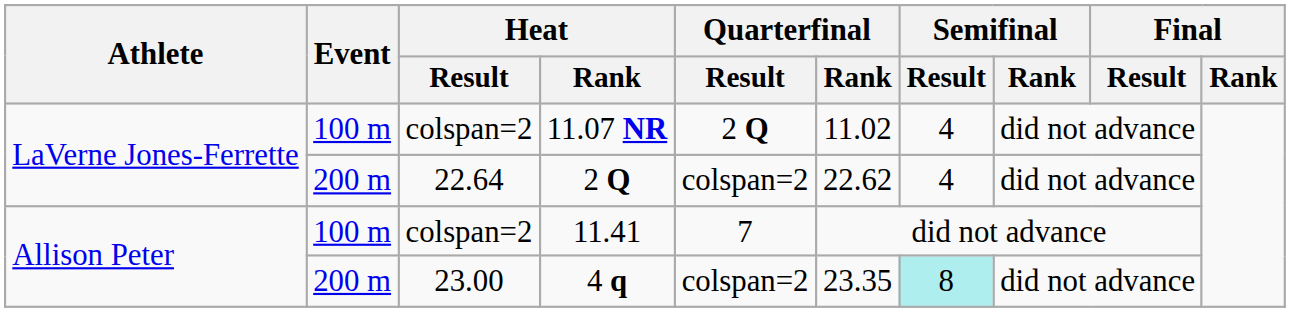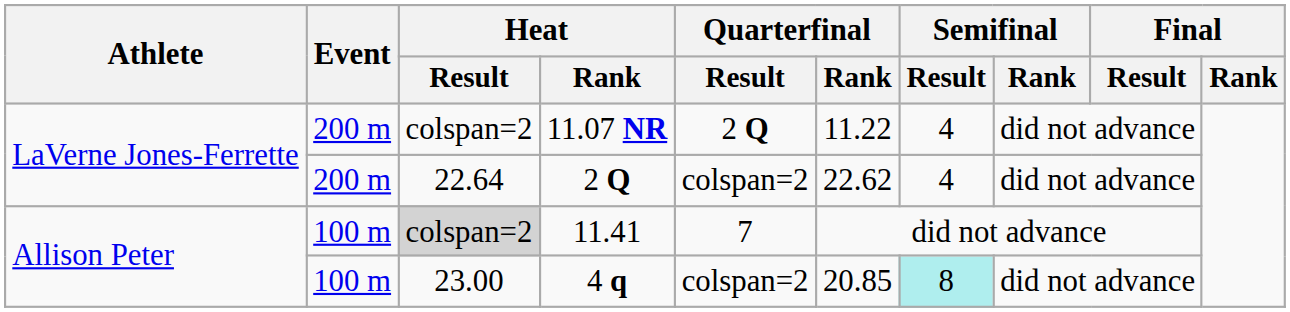 <table class="wikitable" style="font-size:90%">
 <tr>
 <th rowspan="2">Athlete</th>
 <th rowspan="2">Event</th>
 <th colspan="2">Heat</th>
 <th colspan="2">Quarterfinal</th>
 <th colspan="2">Semifinal</th>
 <th colspan="2">Final</th>
 </tr>
 <tr style="font-size:95%">
 <th>Result</th>
 <th>Rank</th>
 <th>Result</th>
 <th>Rank</th>
 <th>Result</th>
 <th>Rank</th>
 <th>Result</th>
 <th>Rank</th>
 </tr>
 <tr align=center>
 <td align=left rowspan=2><a href='#'>LaVerne Jones-Ferrette</a></td>
-<td align=left><a href='#'>100 m</a></td>
+<td align=left><a href='#'>200 m</a></td>
 <td>colspan=2 </td>
 <td>11.07 <strong><a href='#'>NR</a></strong></td>
 <td>2 <strong>Q</strong></td>
-<td>11.02</td>
+<td>11.22</td>
 <td>4</td>
 <td colspan=2>did not advance</td>
 </tr>
 <tr align=center>
 <td align=left><a href='#'>200 m</a></td>
 <td>22.64</td>
 <td>2 <strong>Q</strong></td>
 <td>colspan=2 </td>
 <td>22.62</td>
 <td>4</td>
 <td colspan=2>did not advance</td>
 </tr>
 <tr align=center>
 <td align=left rowspan=2><a href='#'>Allison Peter</a></td>
 <td align=left><a href='#'>100 m</a></td>
-<td>colspan=2 </td>
+<td style="background: lightgrey;">colspan=2 </td>
 <td>11.41</td>
 <td>7</td>
 <td colspan=4>did not advance</td>
 </tr>
 <tr align=center>
-<td align=left><a href='#'>200 m</a></td>
+<td align=left><a href='#'>100 m</a></td>
 <td>23.00</td>
 <td>4 <strong>q</strong></td>
 <td>colspan=2 </td>
-<td>23.35</td>
+<td>20.85</td>
 <td style="background: paleturquoise;">8</td>
 <td colspan=2>did not advance</td>
 </tr>
 </table>
